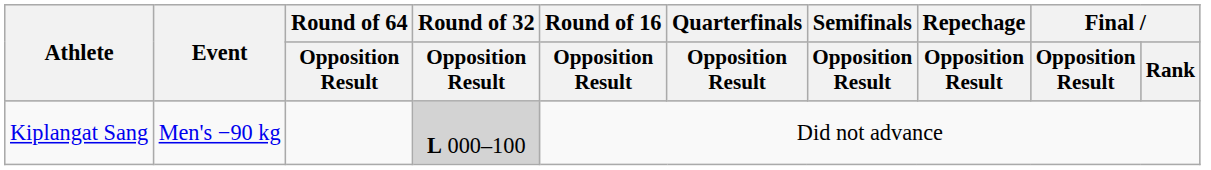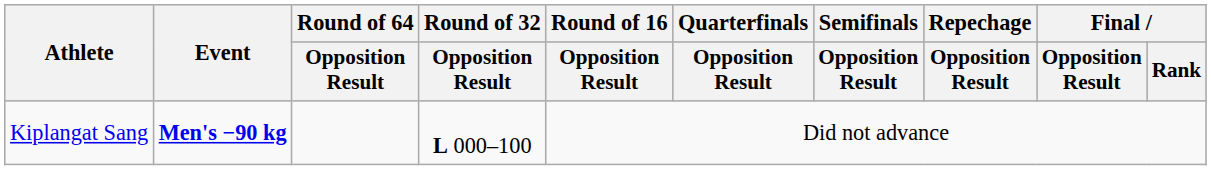 <table class="wikitable" style="font-size:90%">
 <tr>
 <th rowspan="2">Athlete</th>
 <th rowspan="2">Event</th>
 <th>Round of 64</th>
 <th>Round of 32</th>
 <th>Round of 16</th>
 <th>Quarterfinals</th>
 <th>Semifinals</th>
 <th>Repechage</th>
 <th colspan=2>Final / </th>
 </tr>
 <tr style="font-size:95%">
 <th>Opposition<br>Result</th>
 <th>Opposition<br>Result</th>
 <th>Opposition<br>Result</th>
 <th>Opposition<br>Result</th>
 <th>Opposition<br>Result</th>
 <th>Opposition<br>Result</th>
 <th>Opposition<br>Result</th>
 <th>Rank</th>
 </tr>
 <tr align=center>
 <td align=left><a href='#'>Kiplangat Sang</a></td>
-<td align=left><a href='#'>Men's −90 kg</a></td>
+<td align=left><strong><a href='#'>Men's −90 kg</a></strong></td>
 <td></td>
-<td style="background: lightgrey;"><br><strong>L</strong> 000–100</td>
+<td><br><strong>L</strong> 000–100</td>
 <td colspan=6>Did not advance</td>
 </tr>
 </table>
